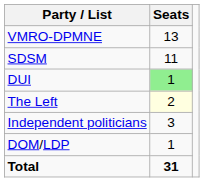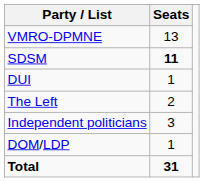 <table class="wikitable">
 <tr>
 <th><strong>Party / List</strong></th>
 <th><strong>Seats</strong></th>
 <td rowspan="10"></td>
 </tr>
 <tr style="text-align:center;">
 <td style="text-align:left;"><a href='#'>VMRO-DPMNE</a></td>
 <td>13</td>
 </tr>
 <tr style="text-align:center;">
 <td style="text-align:left;"><a href='#'>SDSM</a></td>
-<td>11</td>
+<td><strong>11</strong></td>
 </tr>
 <tr style="text-align:center;">
 <td style="text-align:left;"><a href='#'>DUI</a></td>
-<td style="background: lightgreen;">1</td>
+<td>1</td>
 </tr>
 <tr style="text-align:center;">
 <td style="text-align:left;"><a href='#'>The Left</a></td>
-<td style="background: lightyellow;">2</td>
+<td>2</td>
 </tr>
 <tr style="text-align:center;">
 <td style="text-align:left;"><a href='#'>Independent politicians</a></td>
 <td>3</td>
 </tr>
 <tr style="text-align:center;">
 <td style="text-align:left;"><a href='#'>DOM</a>/<a href='#'>LDP</a></td>
 <td>1</td>
 </tr>
 <tr>
 <td><strong>Total</strong></td>
 <td style="text-align:center;"><strong>31</strong></td>
 </tr>
 </table>
